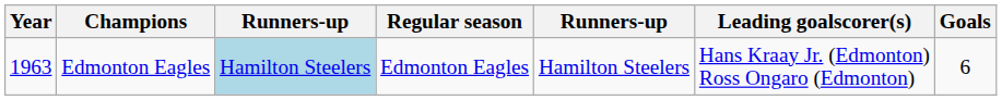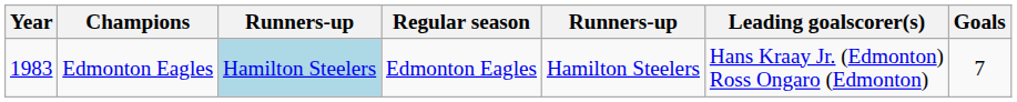 <table class="wikitable">
 <tr>
 <th>Year</th>
 <th>Champions</th>
 <th>Runners-up</th>
 <th>Regular season</th>
 <th>Runners-up</th>
 <th>Leading goalscorer(s)</th>
 <th>Goals</th>
 </tr>
 <tr>
-<td align=center><a href='#'>1963</a></td>
+<td align=center><a href='#'>1983</a></td>
 <td><a href='#'>Edmonton Eagles</a></td>
 <td style="background: lightblue;"><a href='#'>Hamilton Steelers</a></td>
 <td><a href='#'>Edmonton Eagles</a></td>
 <td><a href='#'>Hamilton Steelers</a></td>
 <td> <a href='#'>Hans Kraay Jr.</a> (<a href='#'>Edmonton</a>) <br> <a href='#'>Ross Ongaro</a> (<a href='#'>Edmonton</a>)</td>
-<td align=center>6</td>
+<td align=center>7</td>
 </tr>
 </table>
